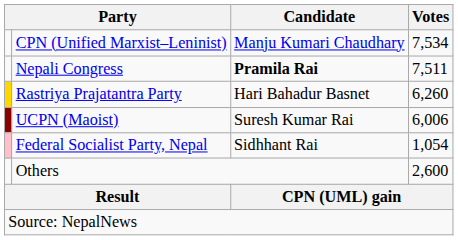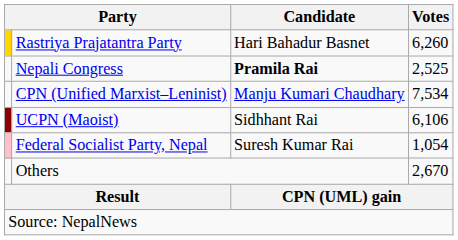 <table class="wikitable">
 <tr>
 <th colspan="2">Party</th>
 <th>Candidate</th>
 <th>Votes</th>
+</tr>
+<tr>
+<td style="background-color:gold"></td>
+<td><a href='#'>Rastriya Prajatantra Party</a></td>
+<td>Hari Bahadur Basnet</td>
+<td>6,260</td>
+</tr>
+<tr>
+<td style="background-color:"></td>
+<td><a href='#'>Nepali Congress</a></td>
+<td><strong>Pramila Rai</strong></td>
+<td>2,525</td>
 </tr>
 <tr>
 <td style="background-color:"></td>
 <td><a href='#'>CPN (Unified Marxist–Leninist)</a></td>
 <td><a href='#'>Manju Kumari Chaudhary</a></td>
 <td>7,534</td>
 </tr>
 <tr>
-<td style="background-color:"></td>
-<td><a href='#'>Nepali Congress</a></td>
-<td><strong>Pramila Rai</strong></td>
-<td>7,511</td>
-</tr>
-<tr>
-<td style="background-color:gold"></td>
-<td><a href='#'>Rastriya Prajatantra Party</a></td>
-<td>Hari Bahadur Basnet</td>
-<td>6,260</td>
-</tr>
-<tr>
 <td style="background-color:darkred"></td>
 <td><a href='#'>UCPN (Maoist)</a></td>
-<td>Suresh Kumar Rai</td>
-<td>6,006</td>
+<td>Sidhhant Rai</td>
+<td>6,106</td>
 </tr>
 <tr>
 <td style="background-color:#ffc0cb"></td>
 <td><a href='#'>Federal Socialist Party, Nepal</a></td>
-<td>Sidhhant Rai</td>
+<td>Suresh Kumar Rai</td>
 <td>1,054</td>
 </tr>
 <tr>
 <td></td>
 <td colspan="2">Others</td>
-<td>2,600</td>
+<td>2,670</td>
 </tr>
 <tr>
 <th colspan="2">Result</th>
 <th colspan="2">CPN (UML) gain</th>
 </tr>
 <tr>
 <td colspan="4">Source: NepalNews</td>
 </tr>
 </table>
